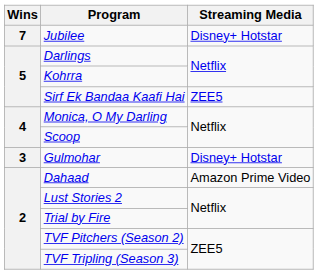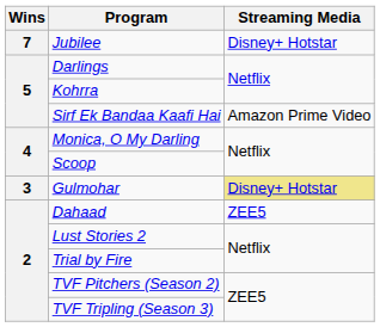 <table class="wikitable" style="display:inline-table;">
 <tr>
 <th>Wins</th>
 <th>Program</th>
 <th>Streaming Media</th>
 </tr>
 <tr>
 <th>7</th>
 <td><em><a href='#'>Jubilee</a></em></td>
 <td><a href='#'>Disney+ Hotstar</a></td>
 </tr>
 <tr>
 <th rowspan="3">5</th>
 <td><em><a href='#'>Darlings</a></em></td>
 <td rowspan="2"><a href='#'>Netflix</a></td>
 </tr>
 <tr>
 <td><em><a href='#'>Kohrra</a></em></td>
 </tr>
 <tr>
 <td><em><a href='#'>Sirf Ek Bandaa Kaafi Hai</a></em></td>
-<td><a href='#'>ZEE5</a></td>
+<td>Amazon Prime Video</td>
 </tr>
 <tr>
 <th rowspan="2">4</th>
 <td><em><a href='#'>Monica, O My Darling</a></em></td>
 <td rowspan="2">Netflix</td>
 </tr>
 <tr>
 <td><em><a href='#'>Scoop</a></em></td>
 </tr>
 <tr>
 <th>3</th>
 <td><a href='#'><em>Gulmohar</em></a></td>
-<td><a href='#'>Disney+ Hotstar</a></td>
+<td style="background: khaki;"><a href='#'>Disney+ Hotstar</a></td>
 </tr>
 <tr>
 <th rowspan="5">2</th>
 <td><em><a href='#'>Dahaad</a></em></td>
-<td>Amazon Prime Video</td>
+<td><a href='#'>ZEE5</a></td>
 </tr>
 <tr>
 <td><em><a href='#'>Lust Stories 2</a></em></td>
 <td rowspan="2">Netflix</td>
 </tr>
 <tr>
 <td><em><a href='#'>Trial by Fire</a></em></td>
 </tr>
 <tr>
 <td><em><a href='#'>TVF Pitchers (Season 2)</a></em></td>
 <td rowspan="2">ZEE5</td>
 </tr>
 <tr>
 <td><em><a href='#'>TVF Tripling (Season 3)</a></em></td>
 </tr>
 </table>
